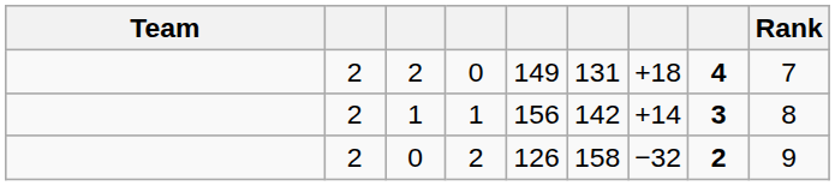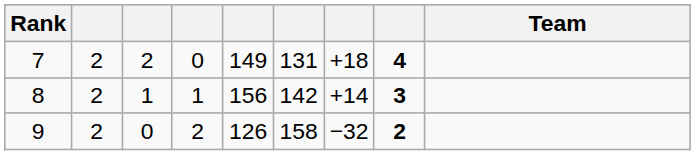 <table class="wikitable" style="text-align: center; font-size:90% ">
 <tr>
-<th width=160>Team</th>
+<th width=25>Rank</th>
 <th width=25></th>
 <th width=25></th>
 <th width=25></th>
 <th width=25></th>
 <th width=25></th>
 <th width=25></th>
 <th width=25></th>
-<th width=25>Rank</th>
+<th width=160>Team</th>
 </tr>
 <tr>
-<td align=left></td>
+<td>7</td>
 <td>2</td>
 <td>2</td>
 <td>0</td>
 <td>149</td>
 <td>131</td>
 <td>+18</td>
 <td><strong>4</strong></td>
-<td>7</td>
+<td align=left></td>
 </tr>
 <tr>
-<td align=left></td>
+<td>8</td>
 <td>2</td>
 <td>1</td>
 <td>1</td>
 <td>156</td>
 <td>142</td>
 <td>+14</td>
 <td><strong>3</strong></td>
-<td>8</td>
+<td align=left></td>
 </tr>
 <tr>
-<td align=left></td>
+<td>9</td>
 <td>2</td>
 <td>0</td>
 <td>2</td>
 <td>126</td>
 <td>158</td>
 <td>−32</td>
 <td><strong>2</strong></td>
-<td>9</td>
+<td align=left></td>
 </tr>
 </table>
